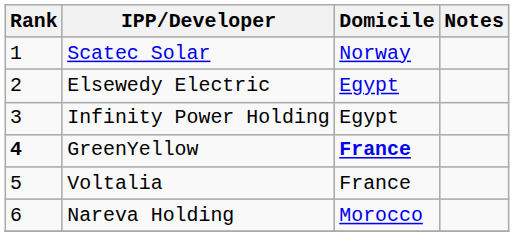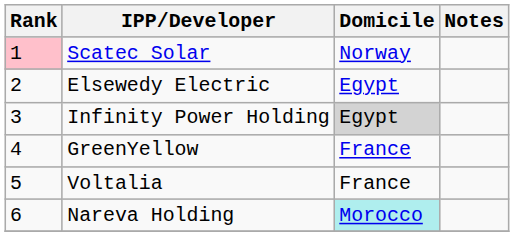 <table class="wikitable sortable" style="margin: 0.5em auto">
 <tr>
 <th>Rank</th>
 <th>IPP/Developer</th>
 <th>Domicile</th>
 <th>Notes</th>
 </tr>
 <tr>
-<td>1</td>
+<td style="background: pink;">1</td>
 <td><a href='#'>Scatec Solar</a></td>
 <td><a href='#'>Norway</a></td>
 <td></td>
 </tr>
 <tr>
 <td>2</td>
 <td>Elsewedy Electric</td>
 <td><a href='#'>Egypt</a></td>
 <td></td>
 </tr>
 <tr>
 <td>3</td>
 <td>Infinity Power Holding</td>
-<td>Egypt</td>
+<td style="background: lightgrey;">Egypt</td>
 <td></td>
 </tr>
 <tr>
-<td><strong>4</strong></td>
+<td>4</td>
 <td>GreenYellow</td>
-<td><strong><a href='#'>France</a></strong></td>
+<td><a href='#'>France</a></td>
 <td></td>
 </tr>
 <tr>
 <td>5</td>
 <td>Voltalia</td>
 <td>France</td>
 <td></td>
 </tr>
 <tr>
 <td>6</td>
 <td>Nareva Holding</td>
-<td><a href='#'>Morocco</a></td>
+<td style="background: paleturquoise;"><a href='#'>Morocco</a></td>
 <td></td>
 </tr>
 <tr>
 </tr>
 </table>
